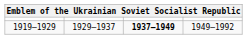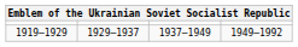 <table class="wikitable" style="margin:0.3em auto">
 <tr>
 <th class="hintergrundfarbe8" colspan="4">Emblem of the Ukrainian Soviet Socialist Republic</th>
 </tr>
 <tr align="center" bgcolor="#FFFFFF">
 <td></td>
 <td></td>
 <td></td>
 <td></td>
 </tr>
 <tr class="hintergrundfarbe8" align="center">
 <td>1919–1929</td>
 <td>1929–1937</td>
-<td><strong>1937–1949</strong></td>
+<td>1937–1949</td>
 <td>1949–1992</td>
 </tr>
 </table>
